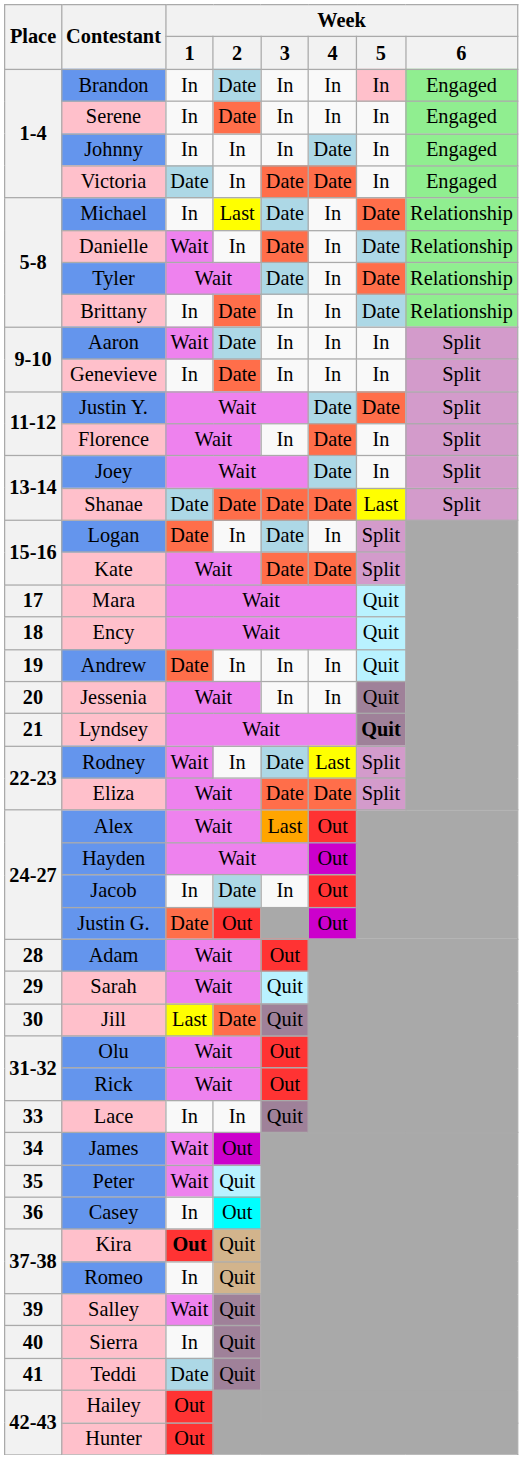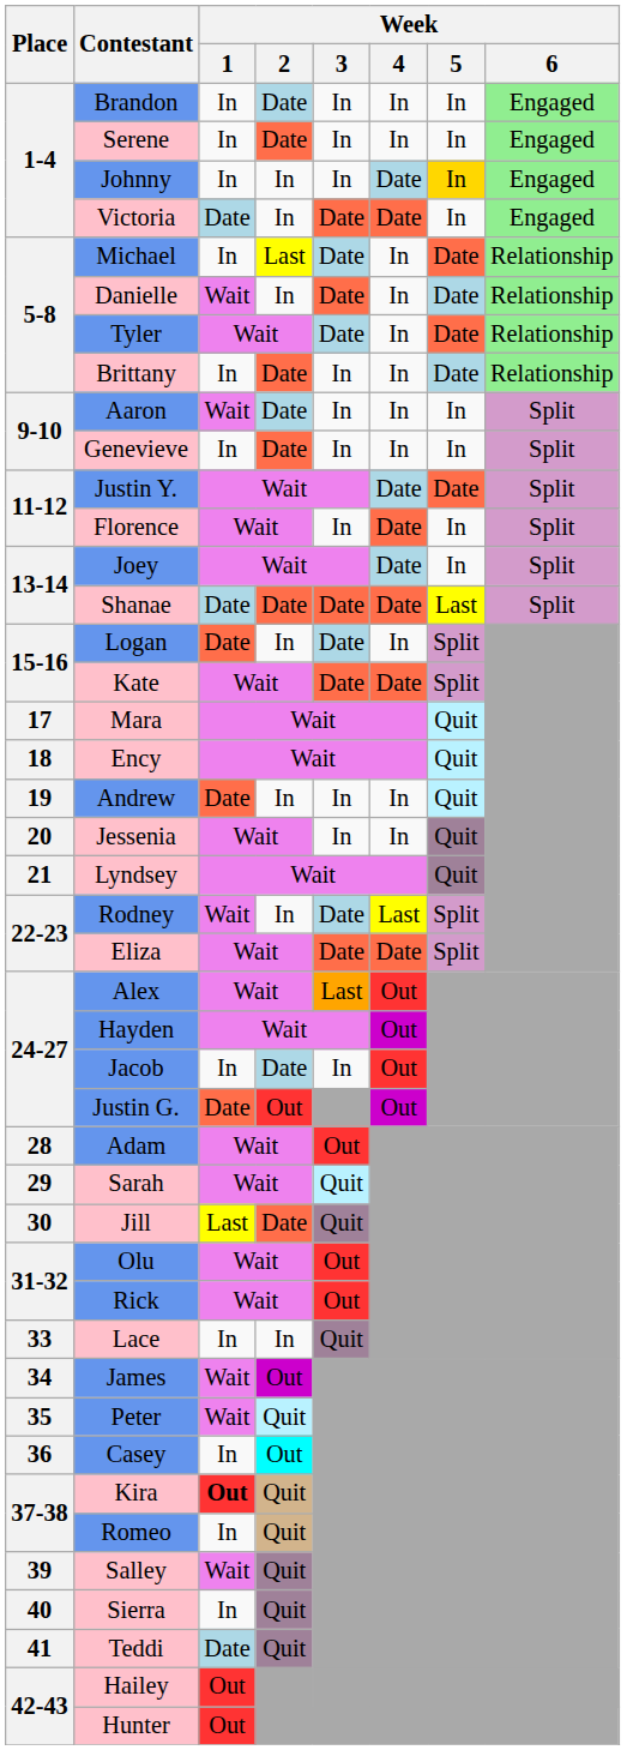 <table class="wikitable" style="text-align:center">
 <tr>
 <th rowspan="2">Place</th>
 <th rowspan="2">Contestant</th>
 <th colspan="6">Week</th>
 </tr>
 <tr>
 <th>1</th>
 <th>2</th>
 <th>3</th>
 <th>4</th>
 <th>5</th>
 <th>6</th>
 </tr>
 <tr>
 <th rowspan="4">1-4</th>
 <td bgcolor="#6495ED">Brandon</td>
 <td>In</td>
 <td bgcolor="#ADD8E6">Date</td>
 <td>In</td>
 <td>In</td>
-<td style="background: pink;">In</td>
+<td>In</td>
 <td bgcolor="90EE90">Engaged</td>
 </tr>
 <tr>
 <td bgcolor="#FFC0CB">Serene</td>
 <td>In</td>
 <td bgcolor="#FF6E4A">Date</td>
 <td>In</td>
 <td>In</td>
 <td>In</td>
 <td bgcolor="90EE90">Engaged</td>
 </tr>
 <tr>
 <td bgcolor="#6495ED">Johnny</td>
 <td>In</td>
 <td>In</td>
 <td>In</td>
 <td bgcolor="#ADD8E6">Date</td>
-<td>In</td>
+<td style="background: gold;">In</td>
 <td bgcolor="90EE90">Engaged</td>
 </tr>
 <tr>
 <td bgcolor="#FFC0CB">Victoria</td>
 <td bgcolor="#ADD8E6">Date</td>
 <td>In</td>
 <td bgcolor="#FF6E4A">Date</td>
 <td bgcolor="#FF6E4A">Date</td>
 <td>In</td>
 <td bgcolor="90EE90">Engaged</td>
 </tr>
 <tr>
 <th rowspan="4">5-8</th>
 <td bgcolor="#6495ED">Michael</td>
 <td>In</td>
 <td bgcolor="#FFFF00">Last</td>
 <td bgcolor="#ADD8E6">Date</td>
 <td>In</td>
 <td bgcolor="#FF6E4A">Date</td>
 <td bgcolor="90EE90">Relationship</td>
 </tr>
 <tr>
 <td bgcolor="#FFC0CB">Danielle</td>
 <td bgcolor="violet">Wait</td>
 <td>In</td>
 <td bgcolor="#FF6E4A">Date</td>
 <td>In</td>
 <td bgcolor="ADD8E6">Date</td>
 <td bgcolor="90EE90">Relationship</td>
 </tr>
 <tr>
 <td bgcolor="#6495ED">Tyler</td>
 <td colspan="2" bgcolor="violet">Wait</td>
 <td bgcolor="#ADD8E6">Date</td>
 <td>In</td>
 <td bgcolor="#FF6E4A">Date</td>
 <td bgcolor="90EE90">Relationship</td>
 </tr>
 <tr>
 <td bgcolor="#FFC0CB">Brittany</td>
 <td>In</td>
 <td bgcolor="#FF6E4A">Date</td>
 <td>In</td>
 <td>In</td>
 <td bgcolor="ADD8E6">Date</td>
 <td bgcolor="90EE90">Relationship</td>
 </tr>
 <tr>
 <th rowspan="2">9-10</th>
 <td bgcolor="#6495ED">Aaron</td>
 <td bgcolor="violet">Wait</td>
 <td bgcolor="#ADD8E6">Date</td>
 <td>In</td>
 <td>In</td>
 <td>In</td>
 <td bgcolor="#d39bcb">Split</td>
 </tr>
 <tr>
 <td bgcolor="#FFC0CB">Genevieve</td>
 <td>In</td>
 <td bgcolor="#FF6E4A">Date</td>
 <td>In</td>
 <td>In</td>
 <td>In</td>
 <td bgcolor="#d39bcb">Split</td>
 </tr>
 <tr>
 <th rowspan="2">11-12</th>
 <td bgcolor="#6495ED">Justin Y.</td>
 <td colspan="3" bgcolor="violet">Wait</td>
 <td bgcolor="#ADD8E6">Date</td>
 <td bgcolor="#FF6E4A">Date</td>
 <td bgcolor="#d39bcb">Split</td>
 </tr>
 <tr>
 <td bgcolor="#FFC0CB">Florence</td>
 <td colspan="2" bgcolor="violet">Wait</td>
 <td>In</td>
 <td bgcolor="#FF6E4A">Date</td>
 <td>In</td>
 <td bgcolor="#d39bcb">Split</td>
 </tr>
 <tr>
 <th rowspan="2">13-14</th>
 <td bgcolor="#6495ED">Joey</td>
 <td colspan="3" bgcolor="violet">Wait</td>
 <td bgcolor="#ADD8E6">Date</td>
 <td>In</td>
 <td bgcolor="#d39bcb">Split</td>
 </tr>
 <tr>
 <td bgcolor="#FFC0CB">Shanae</td>
 <td bgcolor="#ADD8E6">Date</td>
 <td bgcolor="#FF6E4A">Date</td>
 <td bgcolor="#FF6E4A">Date</td>
 <td bgcolor="#FF6E4A">Date</td>
 <td bgcolor="#FFFF00">Last</td>
 <td bgcolor="#d39bcb">Split</td>
 </tr>
 <tr>
 <th rowspan="2">15-16</th>
 <td bgcolor="#6495ED">Logan</td>
 <td bgcolor="#FF6E4A">Date</td>
 <td>In</td>
 <td bgcolor="#ADD8E6">Date</td>
 <td>In</td>
 <td bgcolor="#d39bcb">Split</td>
 <td rowspan="9" bgcolor="#A9A9A9"></td>
 </tr>
 <tr>
 <td bgcolor="#FFC0CB">Kate</td>
 <td colspan="2" bgcolor="violet">Wait</td>
 <td bgcolor="#FF6E4A">Date</td>
 <td bgcolor="#FF6E4A">Date</td>
 <td bgcolor="#d39bcb">Split</td>
 </tr>
 <tr>
 <th>17</th>
 <td bgcolor="#FFC0CB">Mara</td>
 <td colspan="4" bgcolor="violet">Wait</td>
 <td bgcolor="#B9F2FF">Quit</td>
 </tr>
 <tr>
 <th>18</th>
 <td bgcolor="#FFC0CB">Ency</td>
 <td colspan="4" bgcolor="violet">Wait</td>
 <td bgcolor="#B9F2FF">Quit</td>
 </tr>
 <tr>
 <th>19</th>
 <td bgcolor="#6495ED">Andrew</td>
 <td bgcolor="#FF6E4A">Date</td>
 <td>In</td>
 <td>In</td>
 <td>In</td>
 <td bgcolor="#B9F2FF">Quit</td>
 </tr>
 <tr>
 <th>20</th>
 <td bgcolor="#FFC0CB">Jessenia</td>
 <td colspan="2" bgcolor="violet">Wait</td>
 <td>In</td>
 <td>In</td>
 <td bgcolor="#9F8199">Quit</td>
 </tr>
 <tr>
 <th>21</th>
 <td bgcolor="#FFC0CB">Lyndsey</td>
 <td colspan="4" bgcolor="violet">Wait</td>
-<td bgcolor="#9F8199"><strong>Quit</strong></td>
+<td bgcolor="#9F8199">Quit</td>
 </tr>
 <tr>
 <th rowspan="2">22-23</th>
 <td bgcolor="#6495ED">Rodney</td>
 <td bgcolor="violet">Wait</td>
 <td>In</td>
 <td bgcolor="#ADD8E6">Date</td>
 <td bgcolor="#FFFF00">Last</td>
 <td bgcolor="#d39bcb">Split</td>
 </tr>
 <tr>
 <td bgcolor="#FFC0CB">Eliza</td>
 <td colspan="2" bgcolor="violet">Wait</td>
 <td bgcolor="#FF6E4A">Date</td>
 <td bgcolor="#FF6E4A">Date</td>
 <td bgcolor="#d39bcb">Split</td>
 </tr>
 <tr>
 <th rowspan="4">24-27</th>
 <td bgcolor="#6495ED">Alex</td>
 <td colspan="2" bgcolor="violet">Wait</td>
 <td bgcolor="#FFA500">Last</td>
 <td bgcolor="#FF3333">Out</td>
 <td colspan="2" rowspan="4" bgcolor="#A9A9A9"></td>
 </tr>
 <tr>
 <td bgcolor="#6495ED">Hayden</td>
 <td colspan="3" bgcolor="violet">Wait</td>
 <td bgcolor="CC00CC">Out</td>
 </tr>
 <tr>
 <td bgcolor="#6495ED">Jacob</td>
 <td>In</td>
 <td bgcolor="#ADD8E6">Date</td>
 <td>In</td>
 <td bgcolor="#FF3333">Out</td>
 </tr>
 <tr>
 <td bgcolor="#6495ED">Justin G.</td>
 <td bgcolor="#FF6E4A">Date</td>
 <td bgcolor="FF3333">Out</td>
 <td bgcolor="#A9A9A9"></td>
 <td bgcolor="CC00CC">Out</td>
 </tr>
 <tr>
 <th>28</th>
 <td bgcolor="#6495ED">Adam</td>
 <td colspan="2" bgcolor="violet">Wait</td>
 <td bgcolor="#FF3333">Out</td>
 <td colspan="3" rowspan="6" bgcolor="#A9A9A9"></td>
 </tr>
 <tr>
 <th>29</th>
 <td bgcolor="#FFC0CB">Sarah</td>
 <td colspan="2" bgcolor="violet">Wait</td>
 <td bgcolor="#B9F2FF">Quit</td>
 </tr>
 <tr>
 <th>30</th>
 <td bgcolor="#FFC0CB">Jill</td>
 <td bgcolor="#FFFF00">Last</td>
 <td bgcolor="#FF6E4A">Date</td>
 <td bgcolor="#9F8199">Quit</td>
 </tr>
 <tr>
 <th rowspan="2">31-32</th>
 <td bgcolor="#6495ED">Olu</td>
 <td colspan="2" bgcolor="violet">Wait</td>
 <td bgcolor="#FF3333">Out</td>
 </tr>
 <tr>
 <td bgcolor="#6495ED">Rick</td>
 <td colspan="2" bgcolor="violet">Wait</td>
 <td bgcolor="#FF3333">Out</td>
 </tr>
 <tr>
 <th>33</th>
 <td bgcolor="#FFC0CB">Lace</td>
 <td>In</td>
 <td>In</td>
 <td bgcolor="#9F8199">Quit</td>
 </tr>
 <tr>
 <th>34</th>
 <td bgcolor="#6495ED">James</td>
 <td bgcolor="violet">Wait</td>
 <td bgcolor="CC00CC">Out</td>
 <td colspan="4" rowspan="9" bgcolor="#A9A9A9"></td>
 </tr>
 <tr>
 <th>35</th>
 <td bgcolor="#6495ED">Peter</td>
 <td bgcolor="violet">Wait</td>
 <td bgcolor="B9F2FF">Quit</td>
 </tr>
 <tr>
 <th>36</th>
 <td bgcolor="#6495ED">Casey</td>
 <td>In</td>
 <td bgcolor="00ffff">Out</td>
 </tr>
 <tr>
 <th rowspan="2">37-38</th>
 <td bgcolor="#FFC0CB">Kira</td>
 <td bgcolor="#FF3333"><strong>Out</strong></td>
 <td bgcolor="tan">Quit</td>
 </tr>
 <tr>
 <td bgcolor="#6495ED">Romeo</td>
 <td>In</td>
 <td bgcolor="tan">Quit</td>
 </tr>
 <tr>
 <th>39</th>
 <td bgcolor="#FFC0CB">Salley</td>
 <td bgcolor="violet">Wait</td>
 <td bgcolor="#9F8199">Quit</td>
 </tr>
 <tr>
 <th>40</th>
 <td bgcolor="#FFC0CB">Sierra</td>
 <td>In</td>
 <td bgcolor="#9F8199">Quit</td>
 </tr>
 <tr>
 <th>41</th>
 <td bgcolor="#FFC0CB">Teddi</td>
 <td bgcolor="#ADD8E6">Date</td>
 <td bgcolor="#9F8199">Quit</td>
 </tr>
 <tr>
 <th rowspan="2">42-43</th>
 <td bgcolor="#FFC0CB">Hailey</td>
 <td bgcolor="#FF3333">Out</td>
 <td colspan="5" rowspan="2" bgcolor="#A9A9A9"></td>
 </tr>
 <tr>
 <td bgcolor="#FFC0CB">Hunter</td>
 <td bgcolor="#FF3333">Out</td>
 </tr>
 </table>
